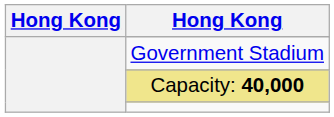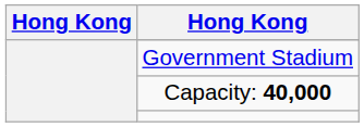 <table class="wikitable" style="text-align:center; margin-left:auto; margin-right:auto; border:none;">
 <tr>
 <th><a href='#'>Hong Kong</a></th>
 <th><a href='#'>Hong Kong</a></th>
 </tr>
 <tr>
 <th rowspan="4"></th>
 </tr>
 <tr>
 <td><a href='#'>Government Stadium</a></td>
 </tr>
 <tr>
-<td style="background: khaki;">Capacity: <strong>40,000</strong></td>
+<td>Capacity: <strong>40,000</strong></td>
 </tr>
 <tr>
 <td></td>
 </tr>
 </table>
